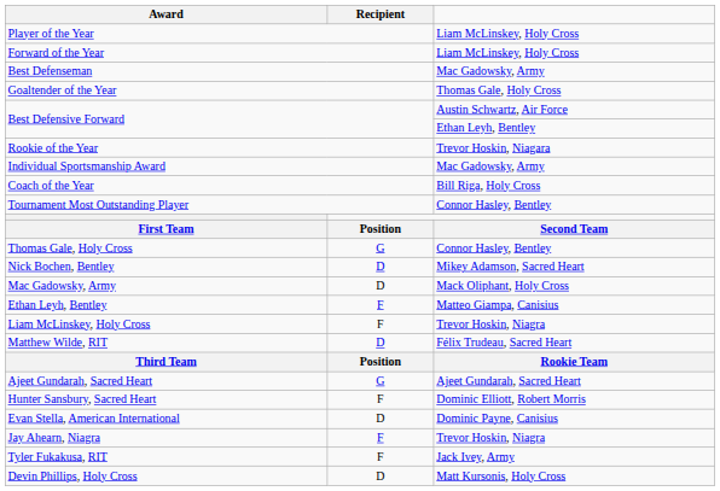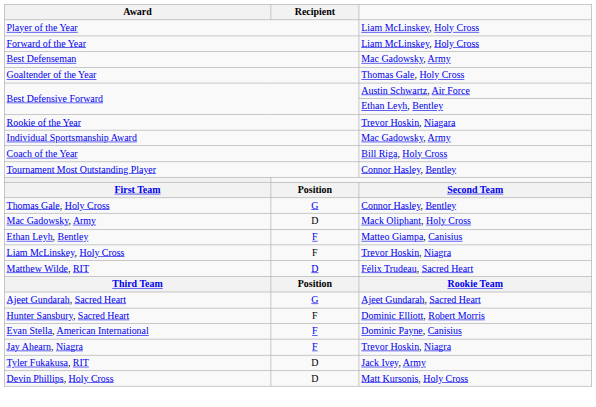 <table class="wikitable" width=75%>
 <tr>
 <th>Award</th>
 <th>Recipient</th>
 </tr>
 <tr>
 <td colspan=2><a href='#'>Player of the Year</a></td>
 <td><a href='#'>Liam McLinskey</a>, <a href='#'>Holy Cross</a></td>
 </tr>
 <tr>
 <td colspan=2><a href='#'>Forward of the Year</a></td>
 <td><a href='#'>Liam McLinskey</a>, <a href='#'>Holy Cross</a></td>
 </tr>
 <tr>
 <td colspan=2><a href='#'>Best Defenseman</a></td>
 <td><a href='#'>Mac Gadowsky</a>, <a href='#'>Army</a></td>
 </tr>
 <tr>
 <td colspan=2><a href='#'>Goaltender of the Year</a></td>
 <td><a href='#'>Thomas Gale</a>, <a href='#'>Holy Cross</a></td>
 </tr>
 <tr>
 <td rowspan=2, colspan=2><a href='#'>Best Defensive Forward</a></td>
 <td><a href='#'>Austin Schwartz</a>, <a href='#'>Air Force</a></td>
 </tr>
 <tr>
 <td><a href='#'>Ethan Leyh</a>, <a href='#'>Bentley</a></td>
 </tr>
 <tr>
 <td colspan=2><a href='#'>Rookie of the Year</a></td>
 <td><a href='#'>Trevor Hoskin</a>, <a href='#'>Niagara</a></td>
 </tr>
 <tr>
 <td colspan=2><a href='#'>Individual Sportsmanship Award</a></td>
 <td><a href='#'>Mac Gadowsky</a>, <a href='#'>Army</a></td>
 </tr>
 <tr>
 <td colspan=2><a href='#'>Coach of the Year</a></td>
 <td><a href='#'>Bill Riga</a>, <a href='#'>Holy Cross</a></td>
 </tr>
 <tr>
 <td colspan=2><a href='#'>Tournament Most Outstanding Player</a></td>
 <td><a href='#'>Connor Hasley</a>, <a href='#'>Bentley</a></td>
 </tr>
 <tr>
 <th><a href='#'></a></th>
 </tr>
 <tr>
 <th><a href='#'>First Team</a></th>
 <th>  Position  </th>
 <th><a href='#'>Second Team</a></th>
 </tr>
 <tr>
 <td><a href='#'>Thomas Gale</a>, <a href='#'>Holy Cross</a></td>
 <td align=center><a href='#'>G</a></td>
 <td><a href='#'>Connor Hasley</a>, <a href='#'>Bentley</a></td>
 </tr>
 <tr>
-<td><a href='#'>Nick Bochen</a>, <a href='#'>Bentley</a></td>
-<td align=center><a href='#'>D</a></td>
-<td><a href='#'>Mikey Adamson</a>, <a href='#'>Sacred Heart</a></td>
-</tr>
-<tr>
 <td><a href='#'>Mac Gadowsky</a>, <a href='#'>Army</a></td>
 <td align=center>D</td>
 <td><a href='#'>Mack Oliphant</a>, <a href='#'>Holy Cross</a></td>
 </tr>
 <tr>
 <td><a href='#'>Ethan Leyh</a>, <a href='#'>Bentley</a></td>
 <td align=center><a href='#'>F</a></td>
 <td><a href='#'>Matteo Giampa</a>, <a href='#'>Canisius</a></td>
 </tr>
 <tr>
 <td><a href='#'>Liam McLinskey</a>, <a href='#'>Holy Cross</a></td>
 <td align=center>F</td>
 <td><a href='#'>Trevor Hoskin</a>, <a href='#'>Niagra</a></td>
 </tr>
 <tr>
 <td><a href='#'>Matthew Wilde</a>, <a href='#'>RIT</a></td>
 <td align=center><a href='#'>D</a></td>
 <td><a href='#'>Félix Trudeau</a>, <a href='#'>Sacred Heart</a></td>
 </tr>
 <tr>
 <th><a href='#'>Third Team</a></th>
 <th>  Position  </th>
 <th><a href='#'>Rookie Team</a></th>
 </tr>
 <tr>
 <td><a href='#'>Ajeet Gundarah</a>, <a href='#'>Sacred Heart</a></td>
 <td align=center><a href='#'>G</a></td>
 <td><a href='#'>Ajeet Gundarah</a>, <a href='#'>Sacred Heart</a></td>
 </tr>
 <tr>
 <td><a href='#'>Hunter Sansbury</a>, <a href='#'>Sacred Heart</a></td>
 <td align=center>F</td>
 <td><a href='#'>Dominic Elliott</a>, <a href='#'>Robert Morris</a></td>
 </tr>
 <tr>
 <td><a href='#'>Evan Stella</a>, <a href='#'>American International</a></td>
-<td align=center>D</td>
+<td align=center><a href='#'>F</a></td>
 <td><a href='#'>Dominic Payne</a>, <a href='#'>Canisius</a></td>
 </tr>
 <tr>
 <td><a href='#'>Jay Ahearn</a>, <a href='#'>Niagra</a></td>
 <td align=center><a href='#'>F</a></td>
 <td><a href='#'>Trevor Hoskin</a>, <a href='#'>Niagra</a></td>
 </tr>
 <tr>
 <td><a href='#'>Tyler Fukakusa</a>, <a href='#'>RIT</a></td>
-<td align=center>F</td>
+<td align=center>D</td>
 <td><a href='#'>Jack Ivey</a>, <a href='#'>Army</a></td>
 </tr>
 <tr>
 <td><a href='#'>Devin Phillips</a>, <a href='#'>Holy Cross</a></td>
 <td align=center>D</td>
 <td><a href='#'>Matt Kursonis</a>, <a href='#'>Holy Cross</a></td>
 </tr>
 </table>
